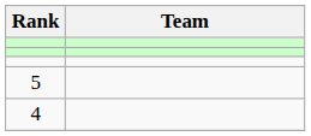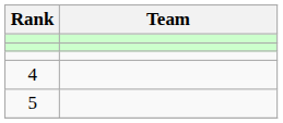 <table class="wikitable" style="text-align:center">
 <tr>
 <th width=40>Rank</th>
 <th width=180>Team</th>
 </tr>
 <tr bgcolor=#ccffcc>
 <td></td>
 <td style="text-align:left"></td>
 </tr>
 <tr bgcolor=#ccffcc>
 <td></td>
 <td style="text-align:left"></td>
 </tr>
 <tr>
 <td></td>
 <td style="text-align:left"></td>
 </tr>
 <tr>
-<td>5</td>
+<td>4</td>
 <td style="text-align:left"></td>
 </tr>
 <tr>
-<td>4</td>
+<td>5</td>
 <td style="text-align:left"></td>
 </tr>
 <tr>
 </tr>
 </table>
